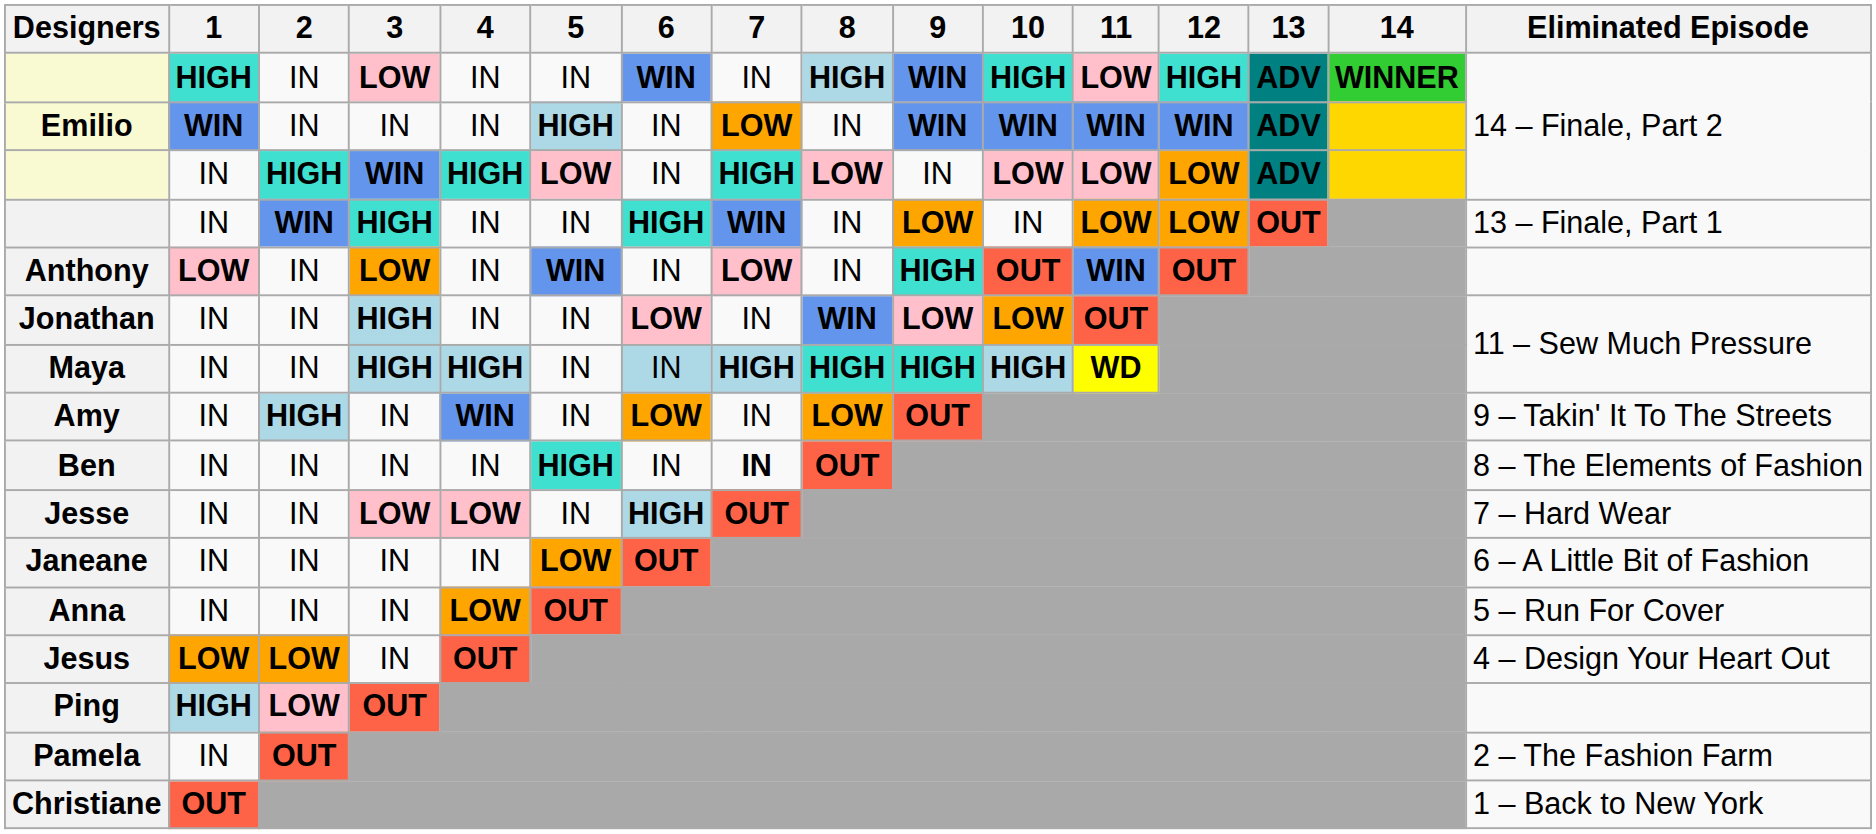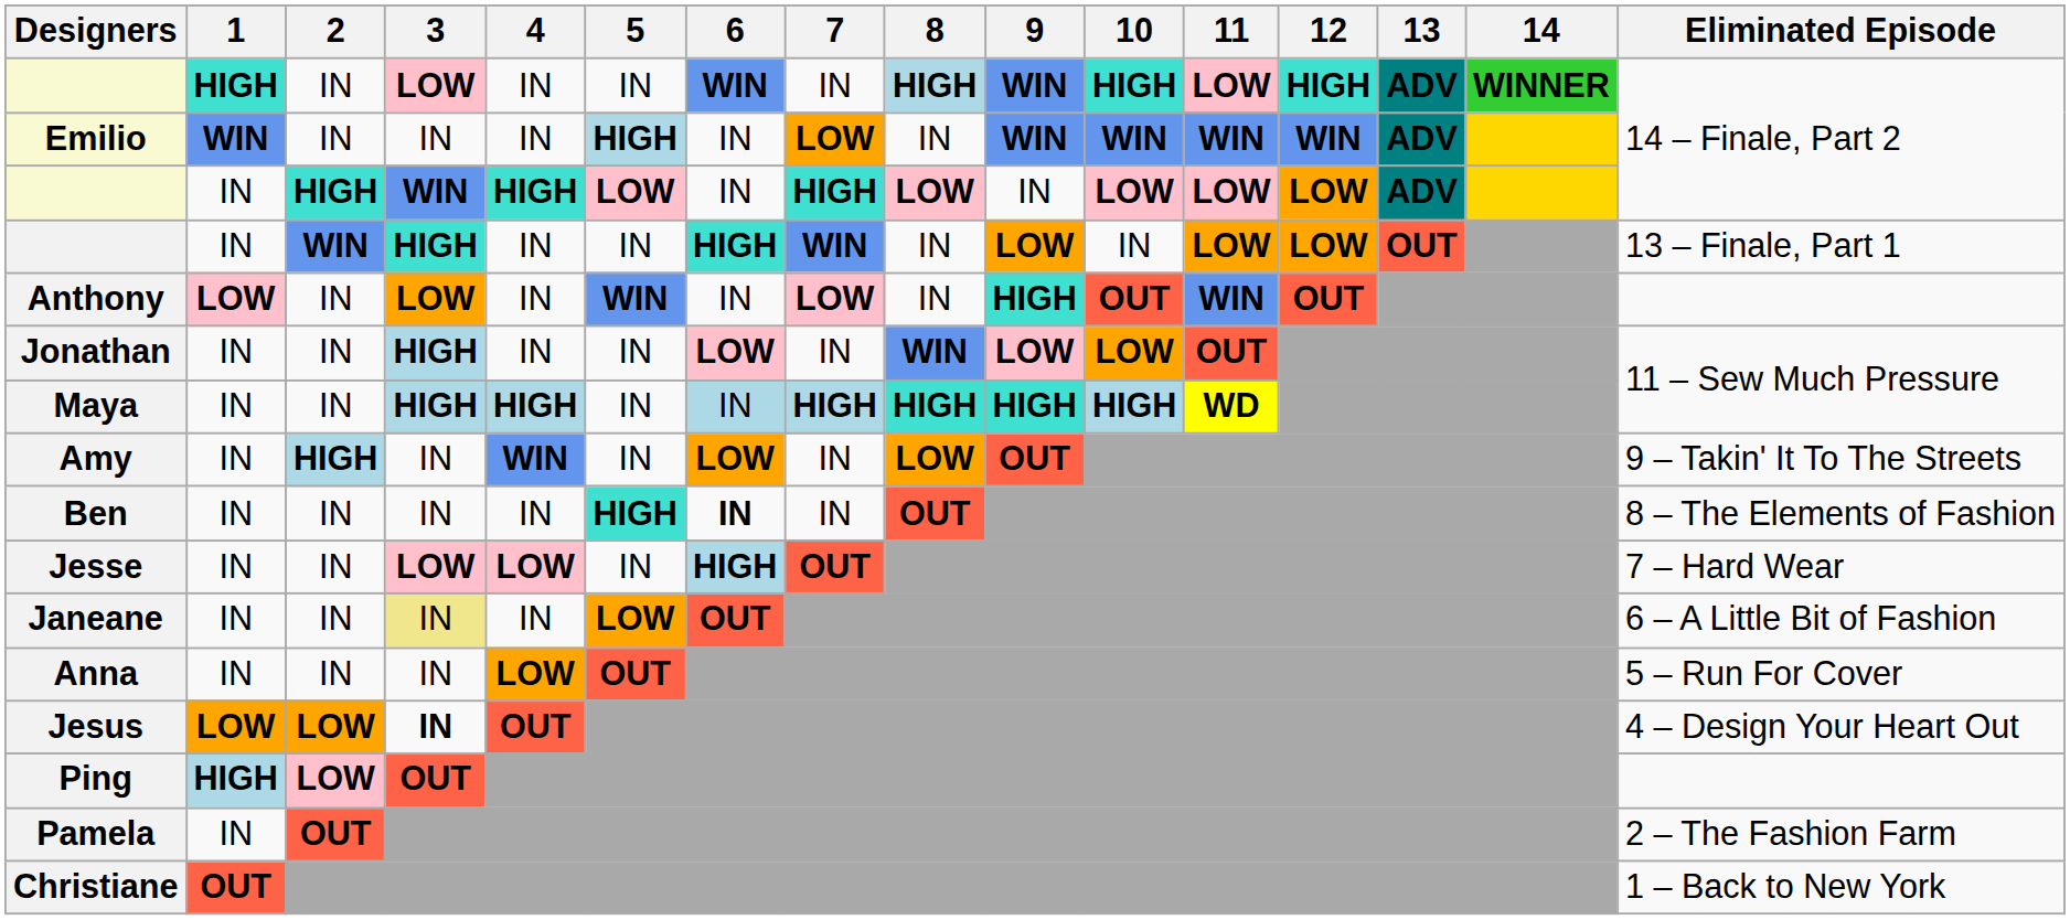 <table class="wikitable" style="text-align:center">
 <tr>
 <th>Designers</th>
 <th>1</th>
 <th>2</th>
 <th>3</th>
 <th>4</th>
 <th>5</th>
 <th>6</th>
 <th>7</th>
 <th>8</th>
 <th>9 </th>
 <th>10</th>
 <th>11 </th>
 <th>12 </th>
 <th>13 </th>
 <th>14</th>
 <th>Eliminated Episode</th>
 </tr>
 <tr>
 <th style="background:#FAFAD2;"></th>
 <td style="background:turquoise;"><strong>HIGH</strong></td>
 <td>IN</td>
 <td style="background:pink;"><strong>LOW</strong></td>
 <td>IN</td>
 <td>IN</td>
 <td style="background:cornflowerblue;"><strong>WIN</strong></td>
 <td>IN</td>
 <td style="background:lightblue;"><strong>HIGH</strong></td>
 <td style="background:cornflowerblue;"><strong>WIN</strong></td>
 <td style="background:turquoise;"><strong>HIGH</strong></td>
 <td style="background:pink;"><strong>LOW</strong></td>
 <td style="background:turquoise;"><strong>HIGH</strong></td>
 <td style="background:teal;"><strong>ADV</strong></td>
 <td style="background:limegreen;"><strong>WINNER</strong></td>
 <td style="text-align:left" rowspan="3">14 – Finale, Part 2</td>
 </tr>
 <tr>
 <th style="background:#FAFAD2;">Emilio</th>
 <td style="background:cornflowerblue;"><strong>WIN</strong></td>
 <td>IN</td>
 <td>IN</td>
 <td>IN</td>
 <td style="background:lightblue;"><strong>HIGH</strong></td>
 <td>IN</td>
 <td style="background:orange;"><strong>LOW</strong></td>
 <td>IN</td>
 <td style="background:cornflowerblue;"><strong>WIN</strong></td>
 <td style="background:cornflowerblue;"><strong>WIN</strong></td>
 <td style="background:cornflowerblue;"><strong>WIN</strong></td>
 <td style="background:cornflowerblue;"><strong>WIN</strong></td>
 <td style="background:teal;"><strong>ADV</strong></td>
 <td style="background:gold;"></td>
 </tr>
 <tr>
 <th style="background:#FAFAD2;"></th>
 <td>IN</td>
 <td style="background:turquoise;"><strong>HIGH</strong></td>
 <td style="background:cornflowerblue;"><strong>WIN</strong></td>
 <td style="background:turquoise;"><strong>HIGH</strong></td>
 <td style="background:pink;"><strong>LOW</strong></td>
 <td>IN</td>
 <td style="background:turquoise;"><strong>HIGH</strong></td>
 <td style="background:pink;"><strong>LOW</strong></td>
 <td>IN</td>
 <td style="background:pink;"><strong>LOW</strong></td>
 <td style="background:pink;"><strong>LOW</strong></td>
 <td style="background:orange;"><strong>LOW</strong></td>
 <td style="background:teal;"><strong>ADV</strong></td>
 <td style="background:gold;"></td>
 </tr>
 <tr>
 <th></th>
 <td>IN</td>
 <td style="background:cornflowerblue;"><strong>WIN</strong></td>
 <td style="background:turquoise;"><strong>HIGH</strong></td>
 <td>IN</td>
 <td>IN</td>
 <td style="background:turquoise;"><strong>HIGH</strong></td>
 <td style="background:cornflowerblue;"><strong>WIN</strong></td>
 <td>IN</td>
 <td style="background:orange;"><strong>LOW</strong></td>
 <td>IN</td>
 <td style="background:orange;"><strong>LOW</strong></td>
 <td style="background:orange;"><strong>LOW</strong></td>
 <td style="background:tomato;"><strong>OUT</strong></td>
 <td style="background:darkgray;" colspan="1"></td>
 <td style="text-align:left">13 – Finale, Part 1</td>
 </tr>
 <tr>
 <th>Anthony</th>
 <td style="background:pink;"><strong>LOW</strong></td>
 <td>IN</td>
 <td style="background:orange;"><strong>LOW</strong></td>
 <td>IN</td>
 <td style="background:cornflowerblue;"><strong>WIN</strong></td>
 <td>IN</td>
 <td style="background:pink;"><strong>LOW</strong></td>
 <td>IN</td>
 <td style="background:turquoise;"><strong>HIGH</strong></td>
 <td style="background:tomato;"><strong>OUT</strong></td>
 <td style="background:cornflowerblue;"><strong>WIN</strong></td>
 <td style="background:tomato;"><strong>OUT</strong></td>
 <td style="background:darkgray;" colspan="2"></td>
 <td style="text-align:left"></td>
 </tr>
 <tr>
 <th>Jonathan</th>
 <td>IN</td>
 <td>IN</td>
 <td style="background:lightblue;"><strong>HIGH</strong></td>
 <td>IN</td>
 <td>IN</td>
 <td style="background:pink;"><strong>LOW</strong></td>
 <td>IN</td>
 <td style="background:cornflowerblue;"><strong>WIN</strong></td>
 <td style="background:pink;"><strong>LOW</strong></td>
 <td style="background:orange;"><strong>LOW</strong></td>
 <td style="background:tomato;"><strong>OUT</strong></td>
 <td style="background:darkgray;" colspan="3"></td>
 <td style="text-align:left" rowspan="2">11 – Sew Much Pressure</td>
 </tr>
 <tr>
 <th>Maya</th>
 <td>IN</td>
 <td>IN</td>
 <td style="background:lightblue;"><strong>HIGH</strong></td>
 <td style="background:lightblue;"><strong>HIGH</strong></td>
 <td>IN</td>
 <td style="background: lightblue;">IN</td>
 <td style="background:lightblue;"><strong>HIGH</strong></td>
 <td style="background:turquoise;"><strong>HIGH</strong></td>
 <td style="background:turquoise;"><strong>HIGH</strong></td>
 <td style="background:lightblue;"><strong>HIGH</strong></td>
 <td style="background:yellow;"><strong>WD</strong></td>
 <td style="background:darkgray;" colspan="3"></td>
 </tr>
 <tr>
 <th>Amy</th>
 <td>IN</td>
 <td style="background:lightblue;"><strong>HIGH</strong></td>
 <td>IN</td>
 <td style="background:cornflowerblue;"><strong>WIN</strong></td>
 <td>IN</td>
 <td style="background:orange;"><strong>LOW</strong></td>
 <td>IN</td>
 <td style="background:orange;"><strong>LOW</strong></td>
 <td style="background:tomato;"><strong>OUT</strong></td>
 <td style="background:darkgray;" colspan="5"></td>
 <td style="text-align:left">9 – Takin' It To The Streets</td>
 </tr>
 <tr>
 <th>Ben</th>
 <td>IN</td>
 <td>IN</td>
 <td>IN</td>
 <td>IN</td>
 <td style="background:turquoise;"><strong>HIGH</strong></td>
+<td><strong>IN</strong></td>
 <td>IN</td>
-<td><strong>IN</strong></td>
 <td style="background:tomato;"><strong>OUT</strong></td>
 <td style="background:darkgray;" colspan="6"></td>
 <td style="text-align:left">8 – The Elements of Fashion</td>
 </tr>
 <tr>
 <th>Jesse</th>
 <td>IN</td>
 <td>IN</td>
 <td style="background:pink;"><strong>LOW</strong></td>
 <td style="background:pink;"><strong>LOW</strong></td>
 <td>IN</td>
 <td style="background:lightblue;"><strong>HIGH</strong></td>
 <td style="background:tomato;"><strong>OUT</strong></td>
 <td style="background:darkgray;" colspan="7"></td>
 <td style="text-align:left">7 – Hard Wear</td>
 </tr>
 <tr>
 <th>Janeane</th>
 <td>IN</td>
 <td>IN</td>
-<td>IN</td>
+<td style="background: khaki;">IN</td>
 <td>IN</td>
 <td style="background:orange;"><strong>LOW</strong></td>
 <td style="background:tomato;"><strong>OUT</strong></td>
 <td style="background:darkgray;" colspan="8"></td>
 <td style="text-align:left">6 – A Little Bit of Fashion</td>
 </tr>
 <tr>
 <th>Anna</th>
 <td>IN</td>
 <td>IN</td>
 <td>IN</td>
 <td style="background:orange;"><strong>LOW</strong></td>
 <td style="background:tomato;"><strong>OUT</strong></td>
 <td style="background:darkgray;" colspan="9"></td>
 <td style="text-align:left">5 – Run For Cover</td>
 </tr>
 <tr>
 <th>Jesus</th>
 <td style="background:orange;"><strong>LOW</strong></td>
 <td style="background:orange;"><strong>LOW</strong></td>
-<td>IN</td>
+<td><strong>IN</strong></td>
 <td style="background:tomato;"><strong>OUT</strong></td>
 <td style="background:darkgray;" colspan="10"></td>
 <td style="text-align:left">4 – Design Your Heart Out</td>
 </tr>
 <tr>
 <th>Ping</th>
 <td style="background:lightblue;"><strong>HIGH</strong></td>
 <td style="background:pink;"><strong>LOW</strong></td>
 <td style="background:tomato;"><strong>OUT</strong></td>
 <td style="background:darkgray;" colspan="11"></td>
 <td style="text-align:left"></td>
 </tr>
 <tr>
 <th>Pamela</th>
 <td>IN</td>
 <td style="background:tomato;"><strong>OUT</strong></td>
 <td style="background:darkgray;" colspan="12"></td>
 <td style="text-align:left">2 – The Fashion Farm</td>
 </tr>
 <tr>
 <th>Christiane</th>
 <td style="background:tomato;"><strong>OUT</strong></td>
 <td style="background:darkgray;" colspan="13"></td>
 <td style="text-align:left">1 – Back to New York</td>
 </tr>
 </table>
